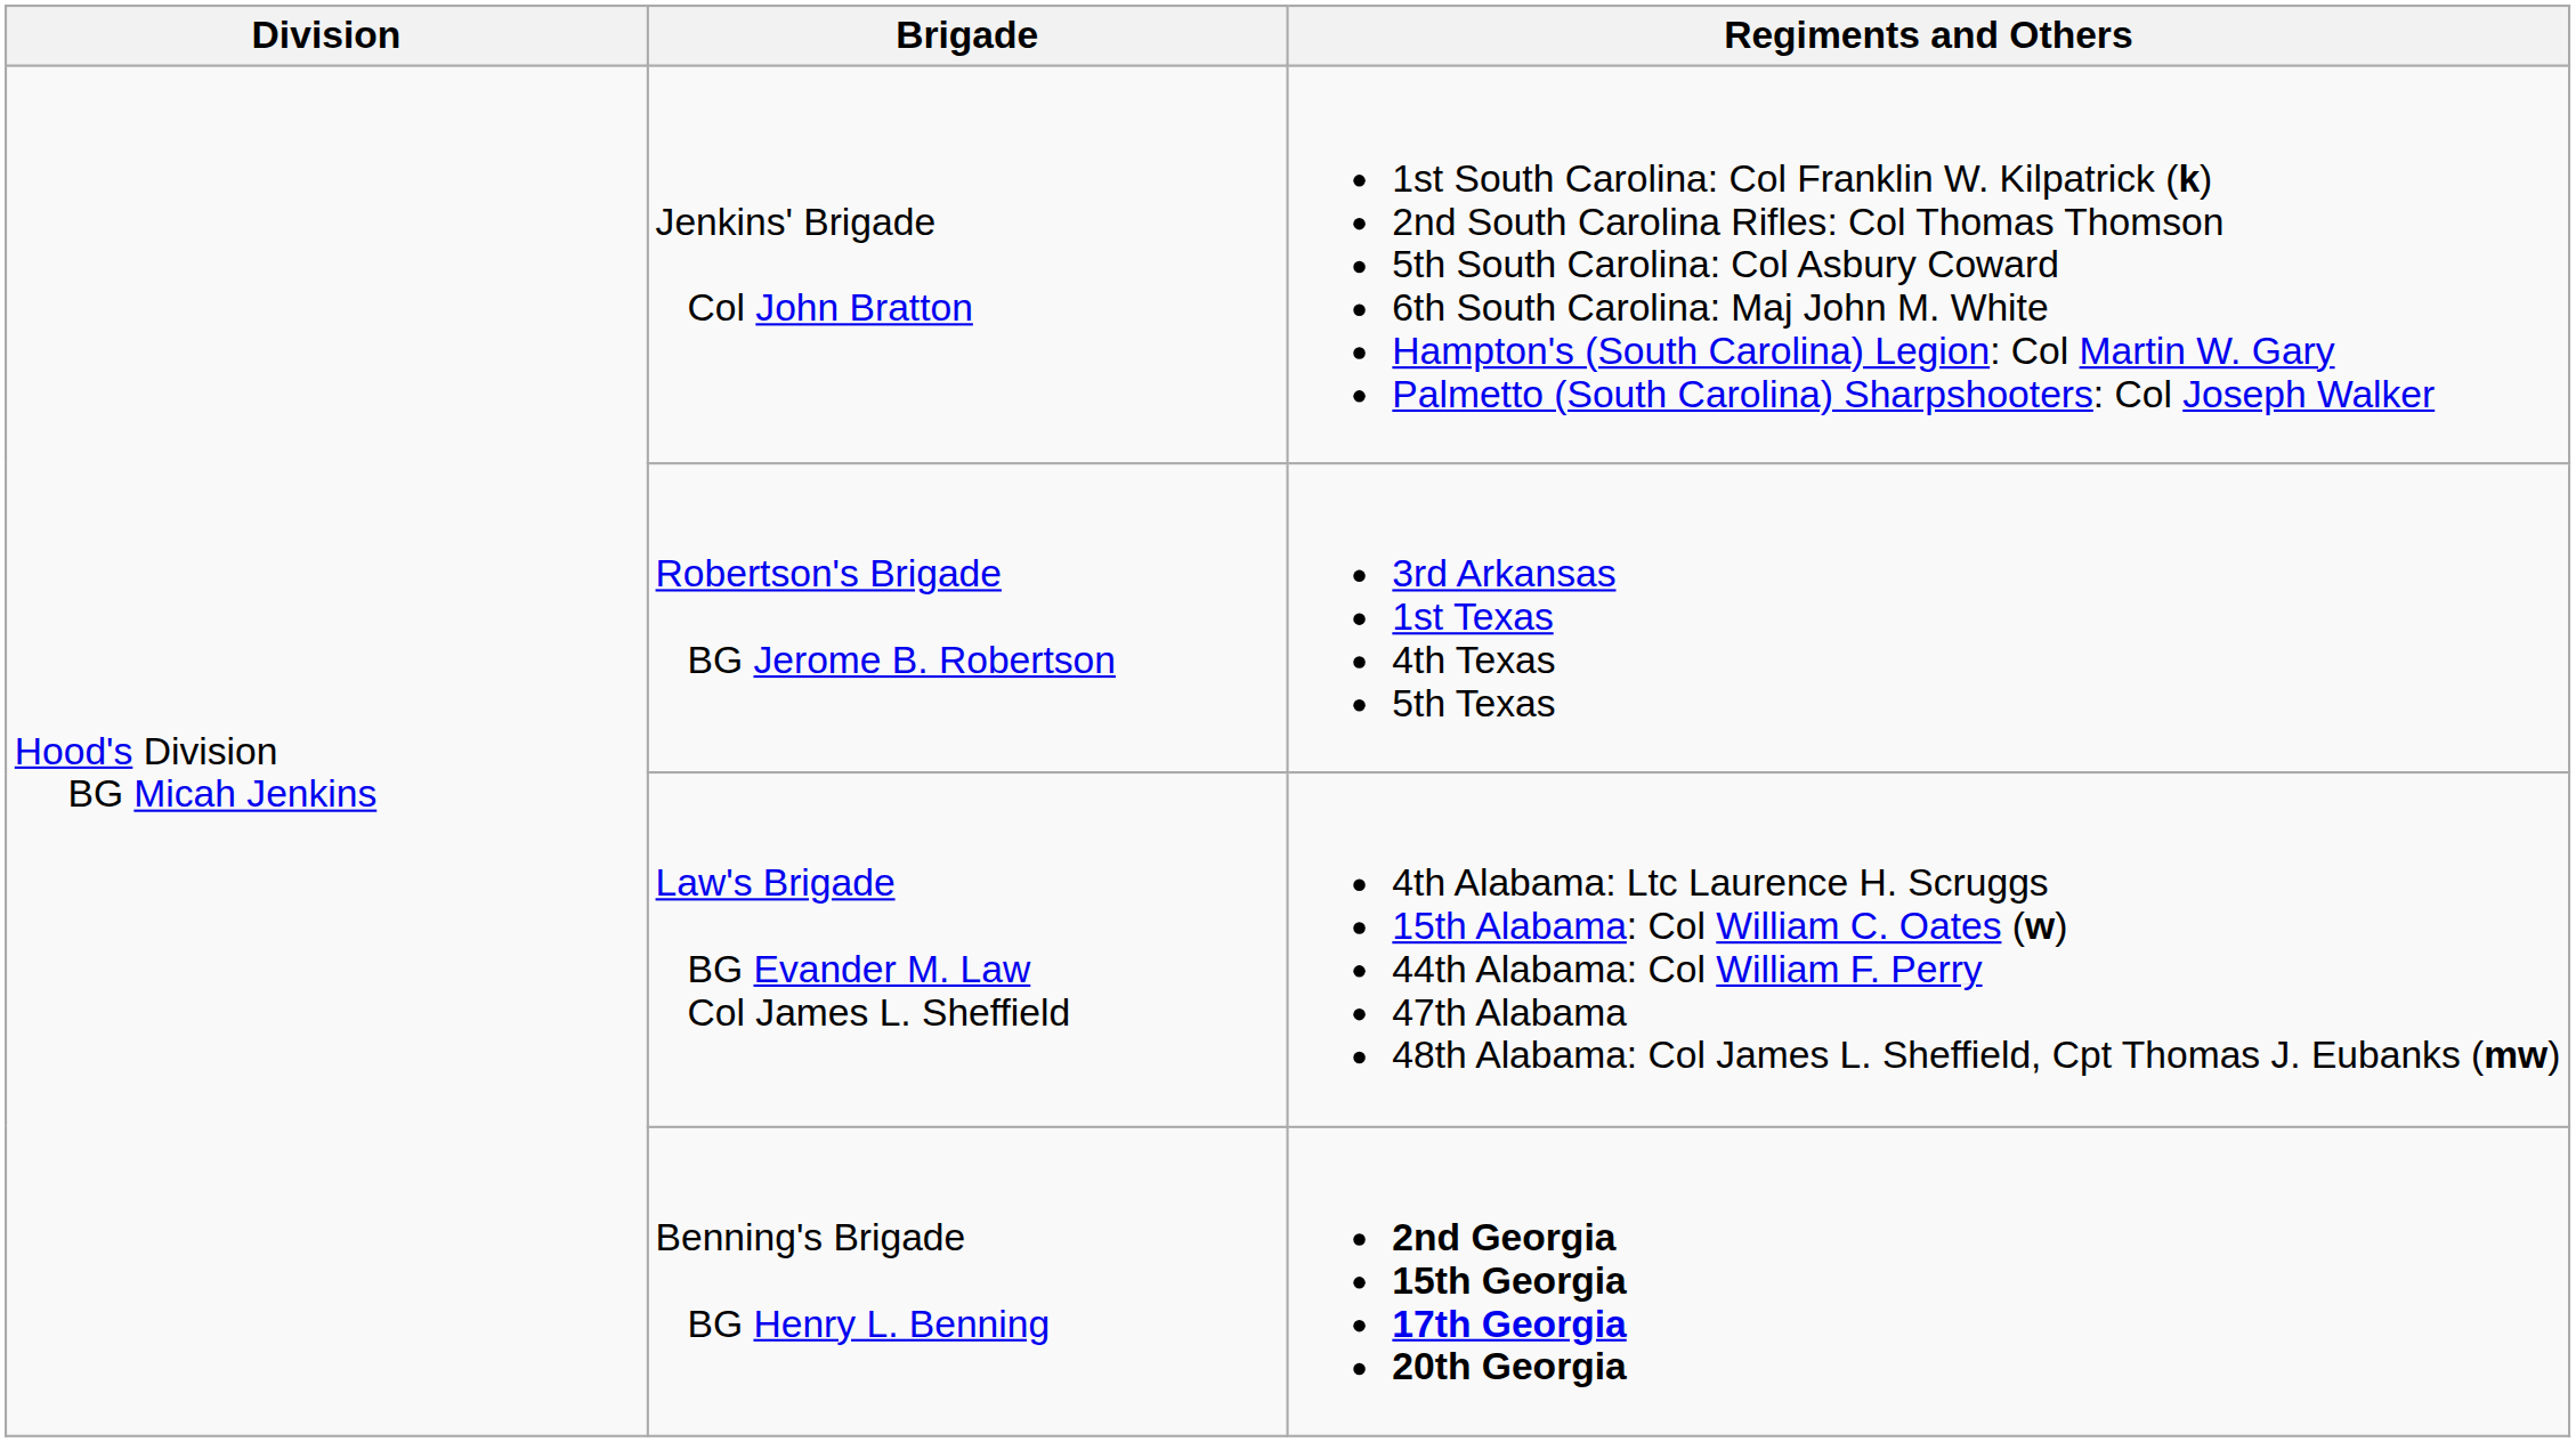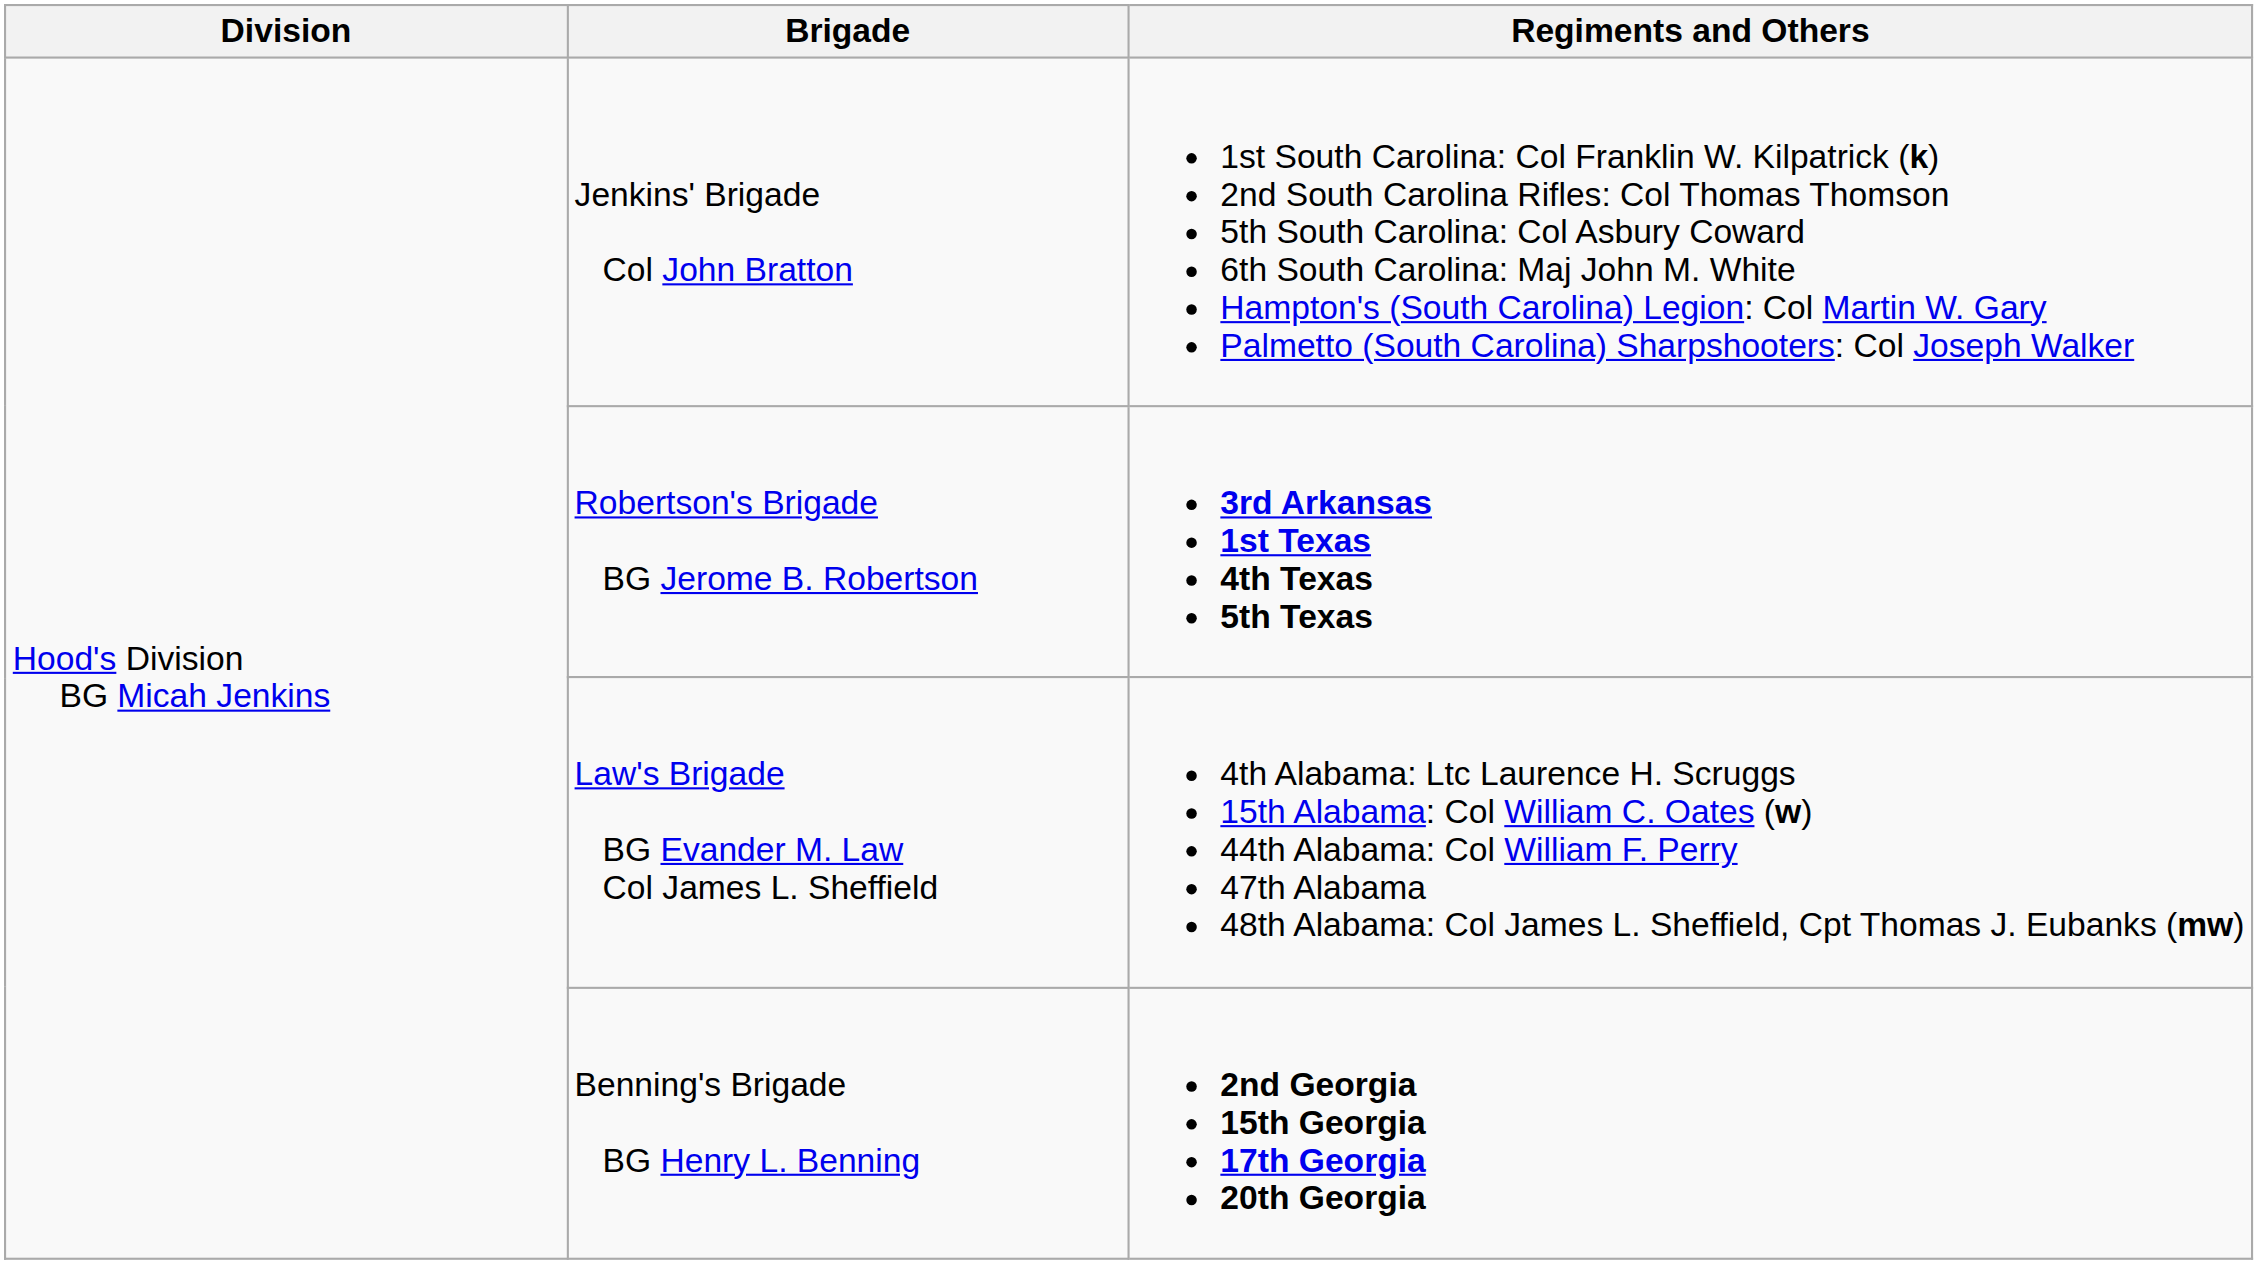 <table class="wikitable">
 <tr>
 <th width=25%>Division</th>
 <th width=25%>Brigade</th>
 <th>Regiments and Others</th>
 </tr>
 <tr>
 <td rowspan=4><br><a href='#'>Hood's</a> Division <br>     BG <a href='#'>Micah Jenkins</a></td>
 <td>Jenkins' Brigade<br><br>   Col <a href='#'>John Bratton</a></td>
 <td><br><ul><li>1st South Carolina: Col Franklin W. Kilpatrick (<strong>k</strong>)</li><li>2nd South Carolina Rifles: Col Thomas Thomson</li><li>5th South Carolina: Col Asbury Coward</li><li>6th South Carolina: Maj John M. White</li><li><a href='#'>Hampton's (South Carolina) Legion</a>: Col <a href='#'>Martin W. Gary</a></li><li><a href='#'>Palmetto (South Carolina) Sharpshooters</a>: Col <a href='#'>Joseph Walker</a></li></ul></td>
 </tr>
 <tr>
 <td><a href='#'>Robertson's Brigade</a><br><br>   BG <a href='#'>Jerome B. Robertson</a></td>
-<td><br><ul><li><a href='#'>3rd Arkansas</a></li><li><a href='#'>1st Texas</a></li><li>4th Texas</li><li>5th Texas</li></ul></td>
+<td><strong><br><ul><li><a href='#'>3rd Arkansas</a></li><li><a href='#'>1st Texas</a></li><li>4th Texas</li><li>5th Texas</li></ul></strong></td>
 </tr>
 <tr>
 <td><a href='#'>Law's Brigade</a><br><br>   BG <a href='#'>Evander M. Law</a> <br>   Col James L. Sheffield</td>
 <td><br><ul><li>4th Alabama: Ltc Laurence H. Scruggs</li><li><a href='#'>15th Alabama</a>: Col <a href='#'>William C. Oates</a> (<strong>w</strong>)</li><li>44th Alabama: Col <a href='#'>William F. Perry</a></li><li>47th Alabama</li><li>48th Alabama: Col James L. Sheffield, Cpt Thomas J. Eubanks (<strong>mw</strong>)</li></ul></td>
 </tr>
 <tr>
 <td>Benning's Brigade<br><br>   BG <a href='#'>Henry L. Benning</a></td>
 <td><strong><br><ul><li>2nd Georgia</li><li>15th Georgia</li><li><a href='#'>17th Georgia</a></li><li>20th Georgia</li></ul></strong></td>
 </tr>
 </table>
